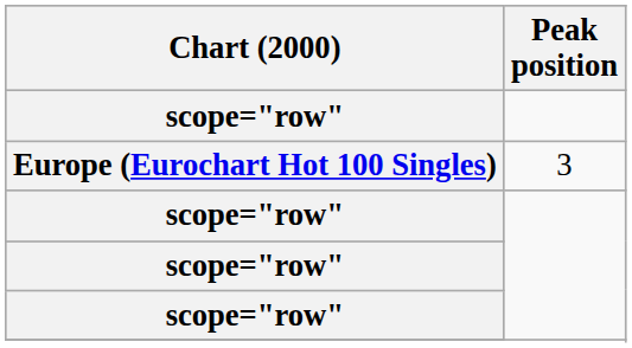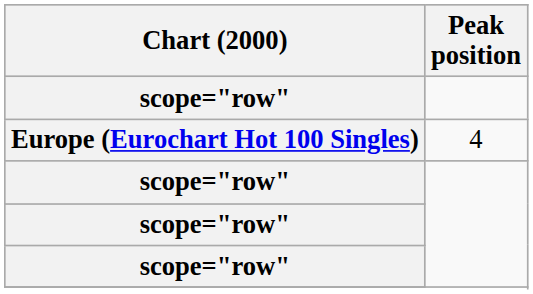 <table class="wikitable sortable plainrowheaders">
 <tr>
 <th>Chart (2000)</th>
 <th>Peak<br>position</th>
 </tr>
 <tr>
 <th>scope="row"</th>
 </tr>
 <tr>
 <th scope="row">Europe (<a href='#'>Eurochart Hot 100 Singles</a>)</th>
-<td align="center">3</td>
+<td align="center">4</td>
 </tr>
 <tr>
 <th>scope="row"</th>
 </tr>
 <tr>
 <th>scope="row"</th>
 </tr>
 <tr>
 <th>scope="row"</th>
 </tr>
 <tr>
 </tr>
 </table>
